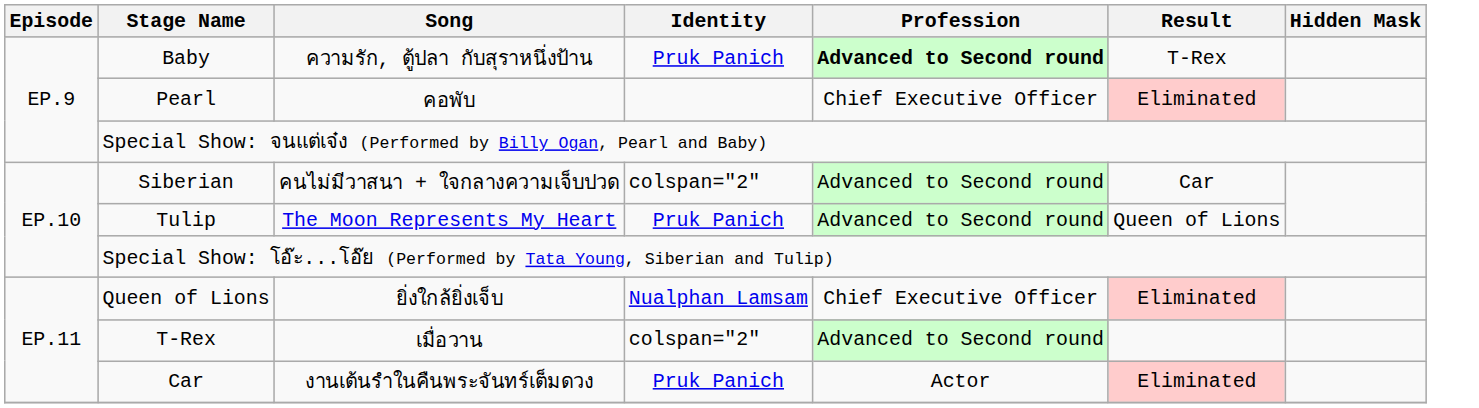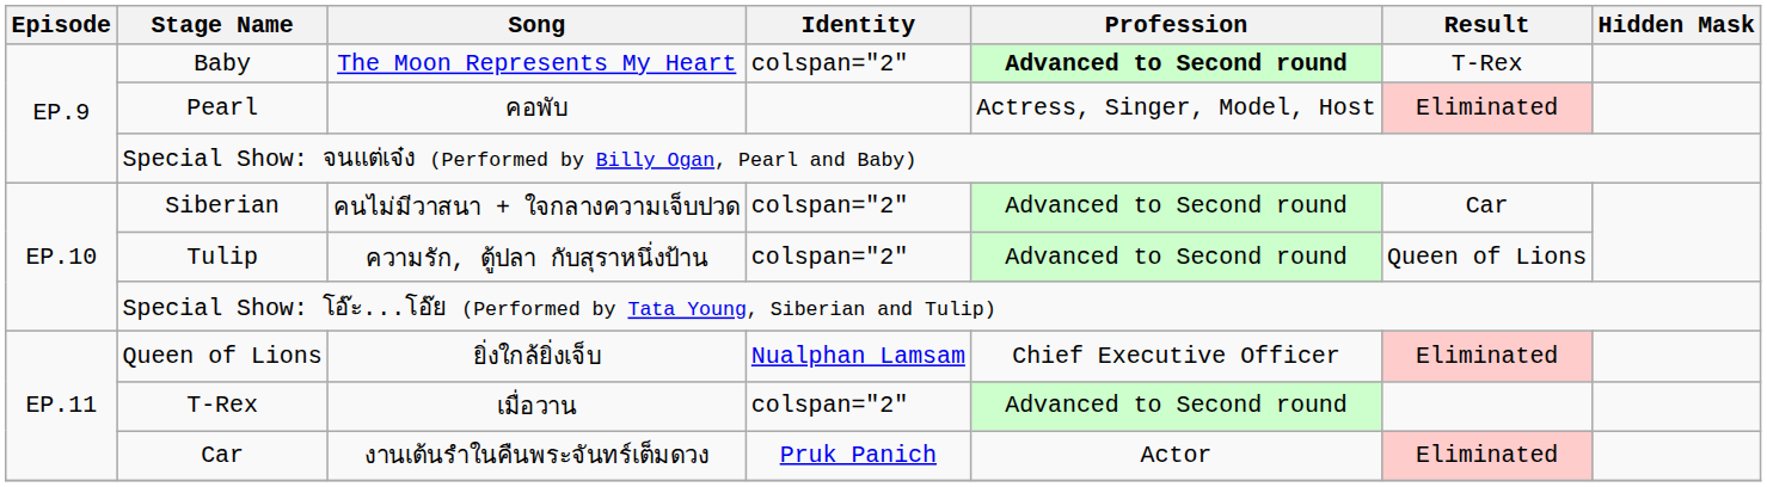 <table class="wikitable">
 <tr>
 <th>Episode</th>
 <th>Stage Name</th>
 <th>Song</th>
 <th>Identity</th>
 <th>Profession</th>
 <th>Result</th>
 <th>Hidden Mask</th>
 </tr>
 <tr>
 <td rowspan="3" align="center">EP.9</td>
 <td style="text-align:center;">Baby</td>
-<td style="text-align:center;">ความรัก, ตู้ปลา กับสุราหนึ่งป้าน</td>
-<td style="text-align:center;"><a href='#'>Pruk Panich</a></td>
+<td style="text-align:center;"><a href='#'>The Moon Represents My Heart</a></td>
+<td>colspan="2" </td>
 <td style="text-align:center; background:#ccffcc;"><strong>Advanced to Second round</strong></td>
 <td style="text-align:center;">T-Rex</td>
 </tr>
 <tr>
 <td style="text-align:center;">Pearl</td>
 <td style="text-align:center;">คอพับ</td>
 <td></td>
-<td style="text-align:center;">Chief Executive Officer</td>
+<td>Actress, Singer, Model, Host</td>
 <td style="text-align:center; background:#ffcccc;">Eliminated</td>
 <td></td>
 </tr>
 <tr>
 <td colspan="6">Special Show: จนแต่เจ๋ง <small>(Performed by <a href='#'>Billy Ogan</a>, Pearl and Baby)</small></td>
 </tr>
 <tr>
 <td rowspan="3" align="center">EP.10</td>
 <td style="text-align:center;">Siberian</td>
 <td style="text-align:center;">คนไม่มีวาสนา + ใจกลางความเจ็บปวด</td>
 <td>colspan="2" </td>
 <td style="text-align:center; background:#ccffcc;">Advanced to Second round</td>
 <td style="text-align:center;">Car</td>
 </tr>
 <tr>
 <td style="text-align:center;">Tulip</td>
-<td style="text-align:center;"><a href='#'>The Moon Represents My Heart</a></td>
-<td style="text-align:center;"><a href='#'>Pruk Panich</a></td>
+<td style="text-align:center;">ความรัก, ตู้ปลา กับสุราหนึ่งป้าน</td>
+<td>colspan="2" </td>
 <td style="text-align:center; background:#ccffcc;">Advanced to Second round</td>
 <td style="text-align:center;">Queen of Lions</td>
 </tr>
 <tr>
 <td colspan="6">Special Show: โอ๊ะ...โอ๊ย <small>(Performed by <a href='#'>Tata Young</a>, Siberian and Tulip)</small></td>
 </tr>
 <tr>
 <td rowspan="3" align="center">EP.11</td>
 <td style="text-align:center;">Queen of Lions</td>
 <td style="text-align:center;">ยิ่งใกล้ยิ่งเจ็บ</td>
 <td style="text-align:center;"><a href='#'>Nualphan Lamsam</a></td>
 <td style="text-align:center;">Chief Executive Officer</td>
 <td style="text-align:center;background:#ffcccc;">Eliminated</td>
 <td></td>
 </tr>
 <tr>
 <td style="text-align:center;">T-Rex</td>
 <td style="text-align:center;">เมื่อวาน</td>
 <td>colspan="2" </td>
 <td style="text-align:center; background:#ccffcc;">Advanced to Second round</td>
 <td></td>
 </tr>
 <tr>
 <td style="text-align:center;">Car</td>
 <td style="text-align:center;">งานเต้นรำในคืนพระจันทร์เต็มดวง</td>
 <td style="text-align:center;"><a href='#'>Pruk Panich</a></td>
 <td style="text-align:center;">Actor</td>
 <td style="text-align:center;background:#ffcccc;">Eliminated</td>
 <td></td>
 </tr>
 <tr>
 </tr>
 </table>
